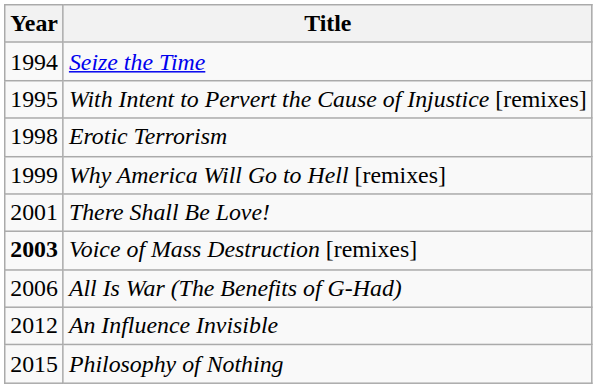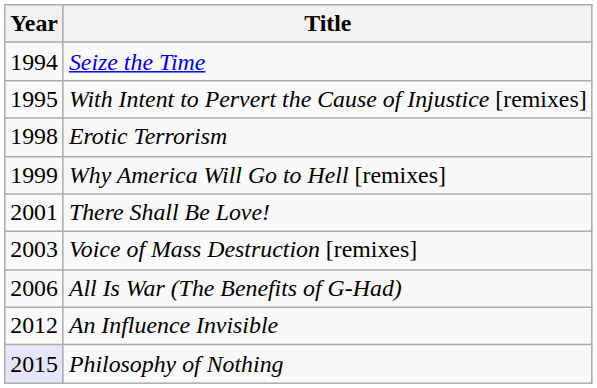 <table class="wikitable">
 <tr>
 <th>Year</th>
 <th>Title</th>
 </tr>
 <tr>
 <td>1994</td>
 <td><em><a href='#'>Seize the Time</a></em></td>
 </tr>
 <tr>
 <td>1995</td>
 <td><em>With Intent to Pervert the Cause of Injustice</em> [remixes]</td>
 </tr>
 <tr>
 <td>1998</td>
 <td><em>Erotic Terrorism</em></td>
 </tr>
 <tr>
 <td>1999</td>
 <td><em>Why America Will Go to Hell</em> [remixes]</td>
 </tr>
 <tr>
 <td>2001</td>
 <td><em>There Shall Be Love!</em></td>
 </tr>
 <tr>
-<td><strong>2003</strong></td>
+<td>2003</td>
 <td><em>Voice of Mass Destruction</em> [remixes]</td>
 </tr>
 <tr>
 <td>2006</td>
 <td><em>All Is War (The Benefits of G-Had)</em></td>
 </tr>
 <tr>
 <td>2012</td>
 <td><em>An Influence Invisible</em></td>
 </tr>
 <tr>
-<td>2015</td>
+<td style="background: lavender;">2015</td>
 <td><em>Philosophy of Nothing</em></td>
 </tr>
 </table>
